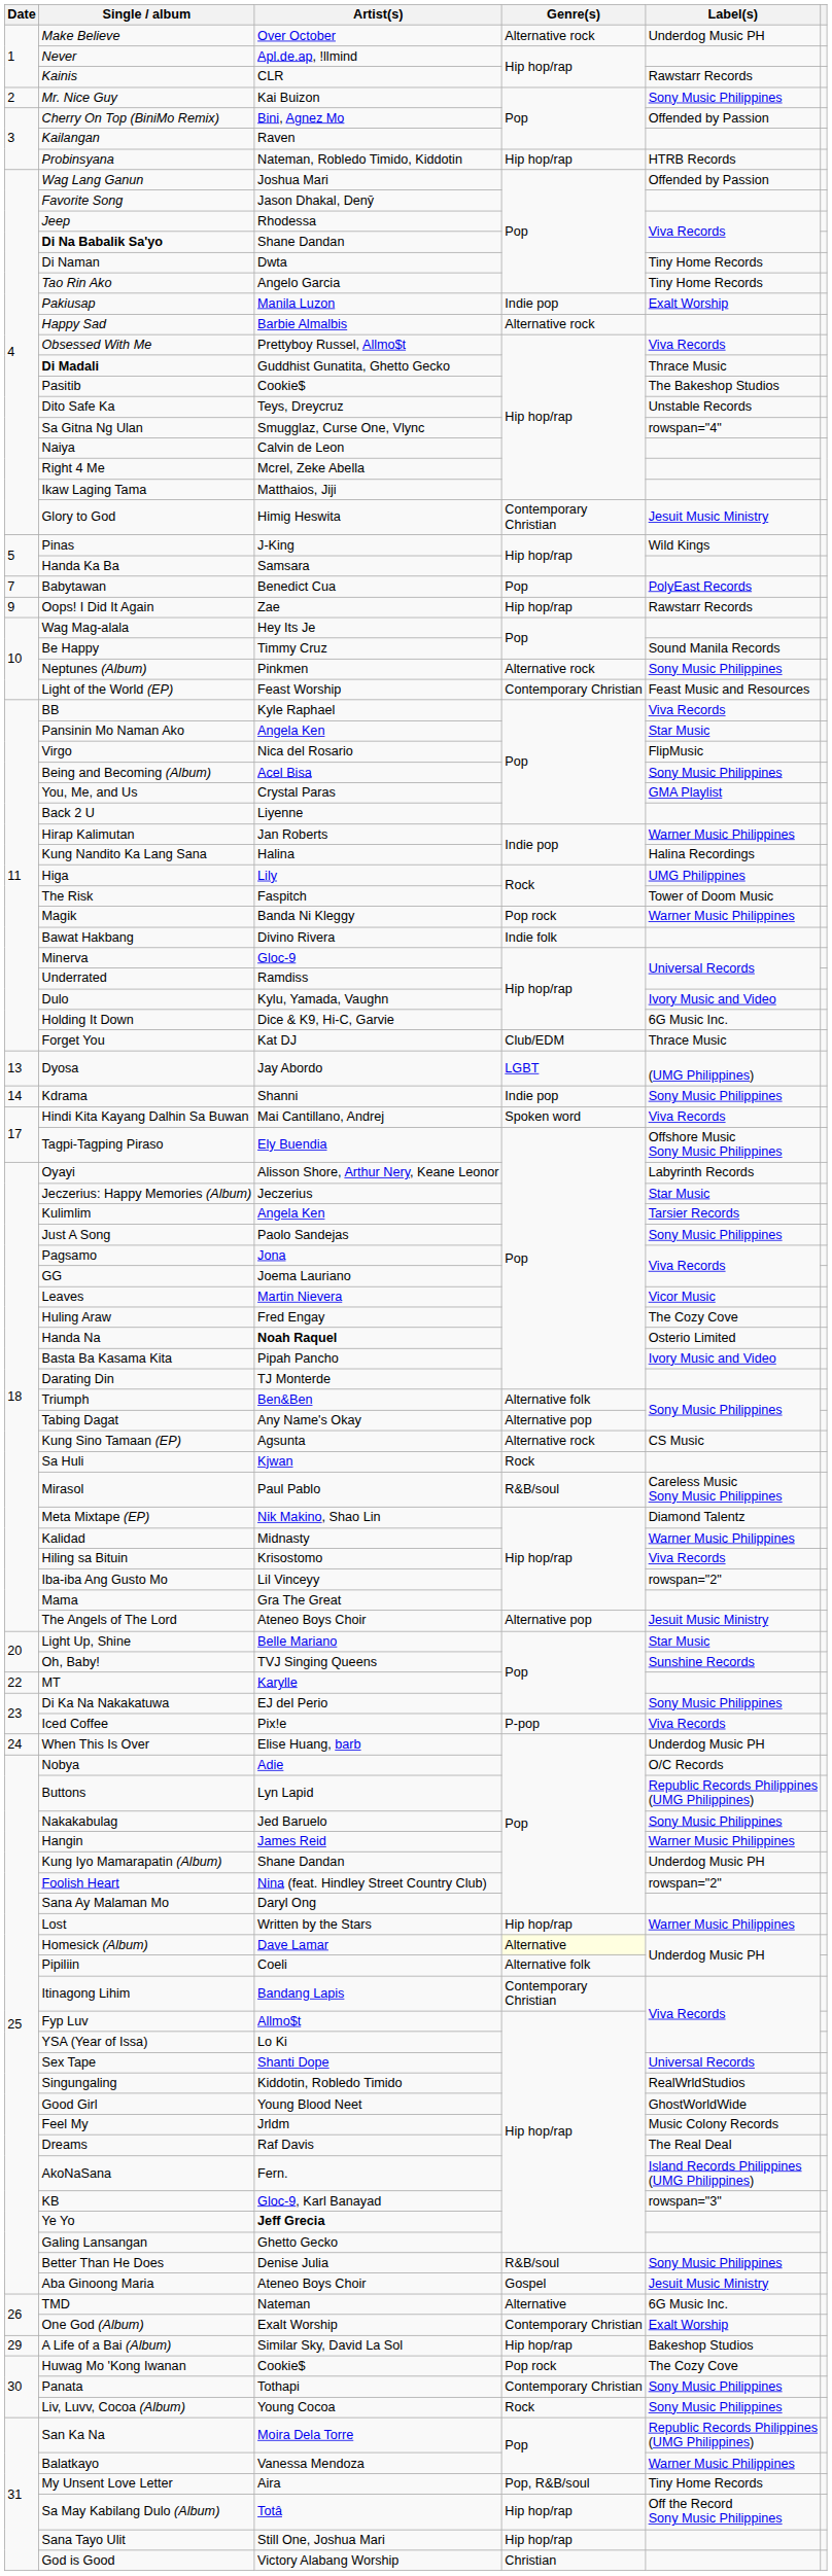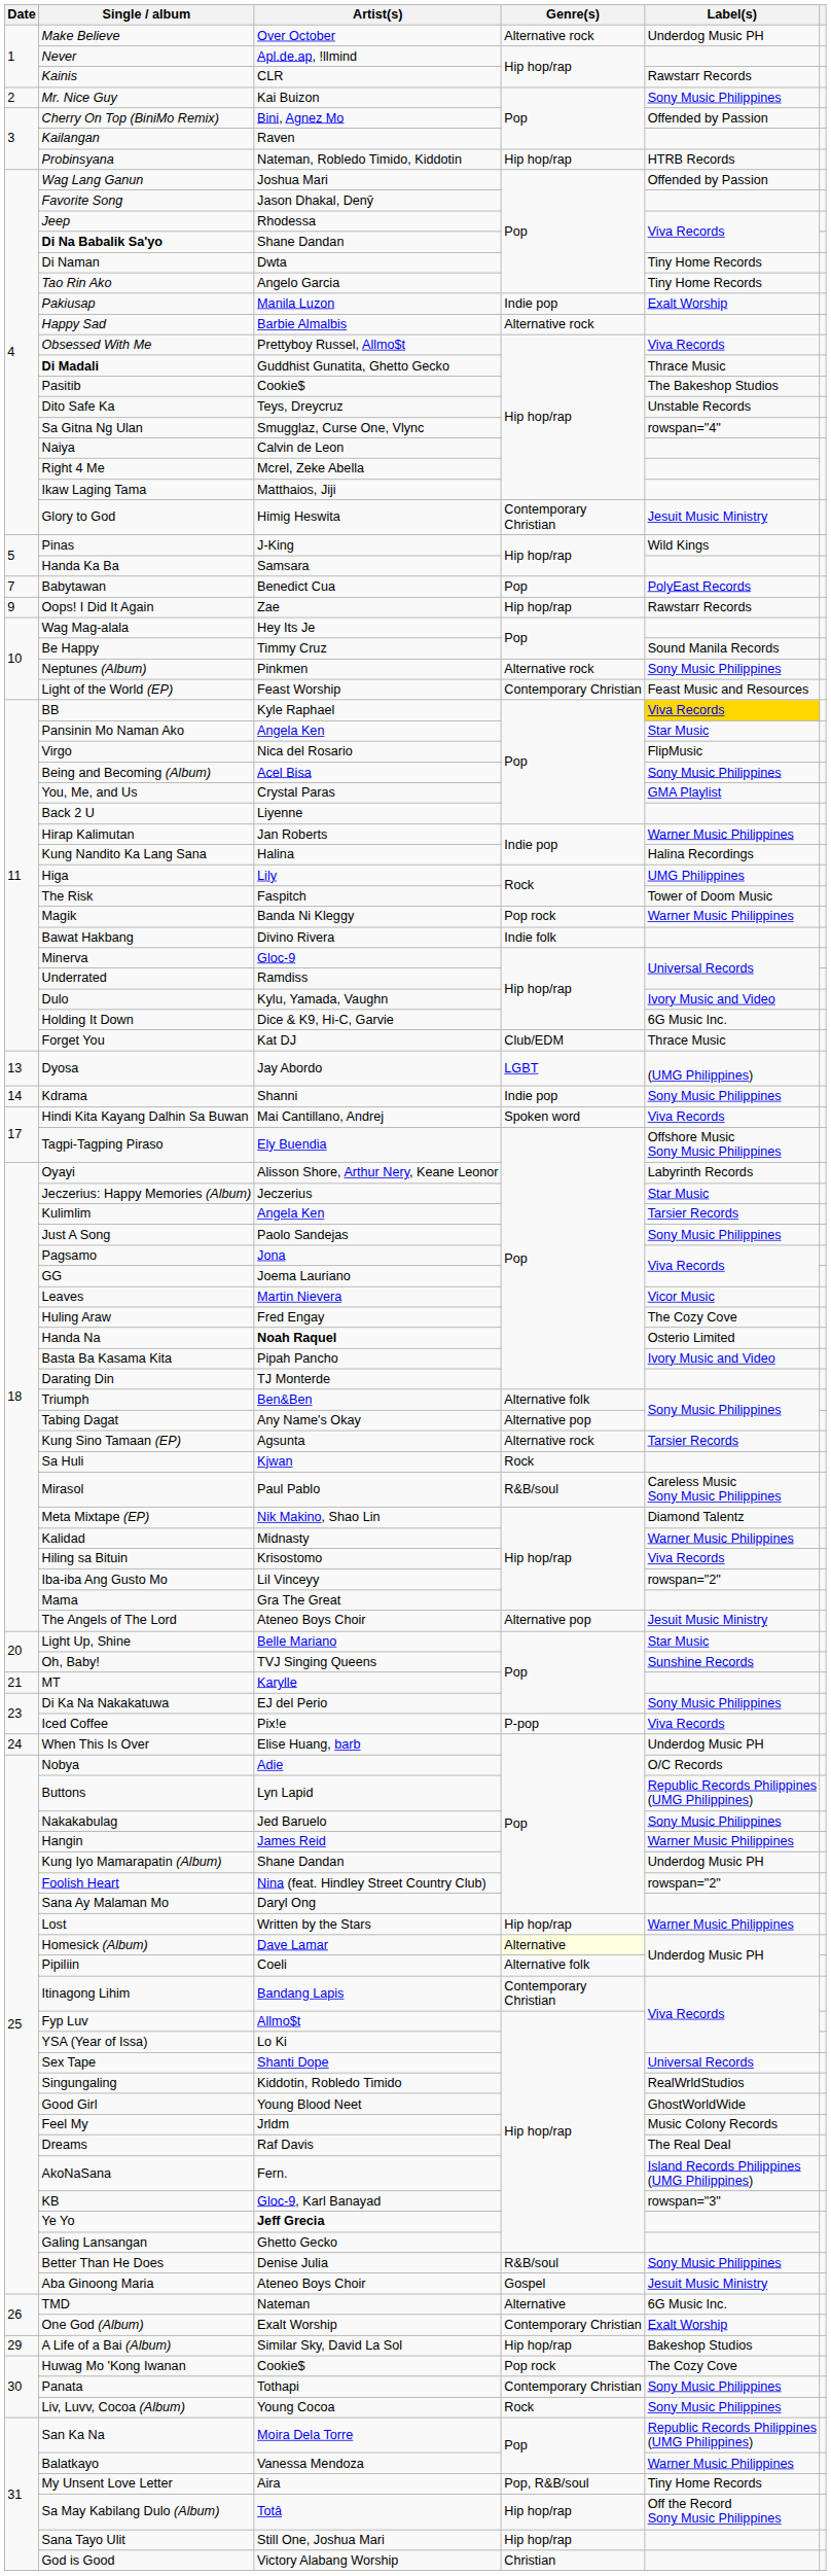 <table class="wikitable">
 <tr>
 <th>Date</th>
 <th>Single / album</th>
 <th>Artist(s)</th>
 <th>Genre(s)</th>
 <th>Label(s)</th>
 <th></th>
 </tr>
 <tr>
 <td rowspan="3">1</td>
 <td><em>Make Believe</em></td>
 <td><a href='#'>Over October</a></td>
 <td>Alternative rock</td>
 <td>Underdog Music PH</td>
 <td></td>
 </tr>
 <tr>
 <td><em>Never</em></td>
 <td><a href='#'>Apl.de.ap</a>, !llmind</td>
 <td rowspan="2">Hip hop/rap</td>
 <td></td>
 <td></td>
 </tr>
 <tr>
 <td><em>Kainis</em></td>
 <td>CLR</td>
 <td>Rawstarr Records</td>
 <td></td>
 </tr>
 <tr>
 <td>2</td>
 <td><em>Mr. Nice Guy</em></td>
 <td>Kai Buizon</td>
 <td rowspan="3">Pop</td>
 <td><a href='#'>Sony Music Philippines</a></td>
 <td></td>
 </tr>
 <tr>
 <td rowspan="3">3</td>
 <td><em>Cherry On Top (BiniMo Remix)</em></td>
 <td><a href='#'>Bini</a>, <a href='#'>Agnez Mo</a></td>
 <td>Offended by Passion</td>
 <td></td>
 </tr>
 <tr>
 <td><em>Kailangan</em></td>
 <td>Raven</td>
 <td></td>
 <td></td>
 </tr>
 <tr>
 <td><em>Probinsyana</em></td>
 <td>Nateman, Robledo Timido, Kiddotin</td>
 <td>Hip hop/rap</td>
 <td>HTRB Records</td>
 <td></td>
 </tr>
 <tr>
 <td rowspan="17">4</td>
 <td><em>Wag Lang Ganun</em></td>
 <td>Joshua Mari</td>
 <td rowspan="6">Pop</td>
 <td>Offended by Passion</td>
 <td></td>
 </tr>
 <tr>
 <td><em>Favorite Song</em></td>
 <td>Jason Dhakal, Denȳ</td>
 <td></td>
 <td></td>
 </tr>
 <tr>
 <td><em>Jeep</em></td>
 <td>Rhodessa</td>
 <td rowspan="2"><a href='#'>Viva Records</a></td>
 <td></td>
 </tr>
 <tr>
 <td><strong>Di Na Babalik Sa'yo<em></td>
 <td>Shane Dandan</td>
 <td></td>
 </tr>
 <tr>
 <td></strong>Di Naman</em></td>
 <td>Dwta</td>
 <td>Tiny Home Records</td>
 <td></td>
 </tr>
 <tr>
 <td><em>Tao Rin Ako</em></td>
 <td>Angelo Garcia</td>
 <td>Tiny Home Records</td>
 <td></td>
 </tr>
 <tr>
 <td><em>Pakiusap</em></td>
 <td><a href='#'>Manila Luzon</a></td>
 <td>Indie pop</td>
 <td><a href='#'>Exalt Worship</a></td>
 <td></td>
 </tr>
 <tr>
 <td><em>Happy Sad</em></td>
 <td><a href='#'>Barbie Almalbis</a></td>
 <td>Alternative rock</td>
 <td></td>
 <td></td>
 </tr>
 <tr>
 <td><em>Obsessed With Me</em></td>
 <td>Prettyboy Russel, <a href='#'>Allmo$t</a></td>
 <td rowspan="8">Hip hop/rap</td>
 <td><a href='#'>Viva Records</a></td>
 <td></td>
 </tr>
 <tr>
 <td><strong>Di Madali<em></td>
 <td>Guddhist Gunatita, Ghetto Gecko</td>
 <td>Thrace Music</td>
 <td></td>
 </tr>
 <tr>
 <td></em>Pasitib<em></td>
 <td>Cookie$</td>
 <td>The Bakeshop Studios</td>
 <td></td>
 </tr>
 <tr>
 <td></em>Dito Safe Ka<em></td>
 <td>Teys, Dreycruz</td>
 <td>Unstable Records</td>
 <td></td>
 </tr>
 <tr>
 <td></em>Sa Gitna Ng Ulan<em></td>
 <td>Smugglaz, Curse One, Vlync</td>
 <td>rowspan="4" </td>
 <td></td>
 </tr>
 <tr>
 <td></em>Naiya<em></td>
 <td>Calvin de Leon</td>
 <td></td>
 </tr>
 <tr>
 <td></em>Right 4 Me<em></td>
 <td>Mcrel, Zeke Abella</td>
 <td></td>
 </tr>
 <tr>
 <td></em>Ikaw Laging Tama<em></td>
 <td>Matthaios, Jiji</td>
 <td></td>
 </tr>
 <tr>
 <td></em>Glory to God<em></td>
 <td>Himig Heswita</td>
 <td>Contemporary<br>Christian</td>
 <td><a href='#'>Jesuit Music Ministry</a></td>
 <td></td>
 </tr>
 <tr>
 <td rowspan="2">5</td>
 <td></em>Pinas<em></td>
 <td>J-King</td>
 <td rowspan="2">Hip hop/rap</td>
 <td>Wild Kings</td>
 <td></td>
 </tr>
 <tr>
 <td></em>Handa Ka Ba<em></td>
 <td>Samsara</td>
 <td></td>
 <td></td>
 </tr>
 <tr>
 <td>7</td>
 <td></em>Babytawan<em></td>
 <td>Benedict Cua</td>
 <td>Pop</td>
 <td><a href='#'>PolyEast Records</a></td>
 <td></td>
 </tr>
 <tr>
 <td>9</td>
 <td></em>Oops! I Did It Again<em></td>
 <td>Zae</td>
 <td>Hip hop/rap</td>
 <td>Rawstarr Records</td>
 <td></td>
 </tr>
 <tr>
 <td rowspan="4">10</td>
 <td></em>Wag Mag-alala<em></td>
 <td>Hey Its Je</td>
 <td rowspan="2">Pop</td>
 <td></td>
 <td></td>
 </tr>
 <tr>
 <td></em>Be Happy<em></td>
 <td>Timmy Cruz</td>
 <td>Sound Manila Records</td>
 <td></td>
 </tr>
 <tr>
 <td></em>Neptunes<em> (Album)</td>
 <td>Pinkmen</td>
 <td>Alternative rock</td>
 <td><a href='#'>Sony Music Philippines</a></td>
 <td></td>
 </tr>
 <tr>
 <td></em>Light of the World<em> (EP)</td>
 <td>Feast Worship</td>
 <td>Contemporary Christian</td>
 <td>Feast Music and Resources</td>
 <td></td>
 </tr>
 <tr>
 <td rowspan="17">11</td>
 <td></em>BB<em></td>
 <td>Kyle Raphael</td>
 <td rowspan="6">Pop</td>
-<td><a href='#'>Viva Records</a></td>
+<td style="background: gold;"><a href='#'>Viva Records</a></td>
 <td></td>
 </tr>
 <tr>
 <td></em>Pansinin Mo Naman Ako<em></td>
 <td><a href='#'>Angela Ken</a></td>
 <td><a href='#'>Star Music</a></td>
 <td></td>
 </tr>
 <tr>
 <td></em>Virgo<em></td>
 <td>Nica del Rosario</td>
 <td>FlipMusic</td>
 <td></td>
 </tr>
 <tr>
 <td></em>Being and Becoming<em> (Album)</td>
 <td><a href='#'>Acel Bisa</a></td>
 <td><a href='#'>Sony Music Philippines</a></td>
 <td></td>
 </tr>
 <tr>
 <td></em>You, Me, and Us<em></td>
 <td>Crystal Paras</td>
 <td><a href='#'>GMA Playlist</a></td>
 <td></td>
 </tr>
 <tr>
 <td></em>Back 2 U<em></td>
 <td>Liyenne</td>
 <td></td>
 <td></td>
 </tr>
 <tr>
 <td></em>Hirap Kalimutan<em></td>
 <td>Jan Roberts</td>
 <td rowspan="2">Indie pop</td>
 <td><a href='#'>Warner Music Philippines</a></td>
 <td></td>
 </tr>
 <tr>
 <td></em>Kung Nandito Ka Lang Sana<em></td>
 <td>Halina</td>
 <td>Halina Recordings</td>
 <td></td>
 </tr>
 <tr>
 <td></em>Higa<em></td>
 <td><a href='#'>Lily</a></td>
 <td rowspan="2">Rock</td>
 <td><a href='#'>UMG Philippines</a></td>
 <td></td>
 </tr>
 <tr>
 <td></em>The Risk<em></td>
 <td>Faspitch</td>
 <td>Tower of Doom Music</td>
 <td></td>
 </tr>
 <tr>
 <td></em>Magik<em></td>
 <td>Banda Ni Kleggy</td>
 <td>Pop rock</td>
 <td><a href='#'>Warner Music Philippines</a></td>
 <td></td>
 </tr>
 <tr>
 <td></em>Bawat Hakbang<em></td>
 <td>Divino Rivera</td>
 <td>Indie folk</td>
 <td></td>
 <td></td>
 </tr>
 <tr>
 <td></em>Minerva<em></td>
 <td><a href='#'>Gloc-9</a></td>
 <td rowspan="4">Hip hop/rap</td>
 <td rowspan="2"><a href='#'>Universal Records</a></td>
 <td></td>
 </tr>
 <tr>
 <td></em>Underrated<em></td>
 <td>Ramdiss</td>
 <td></td>
 </tr>
 <tr>
 <td></em>Dulo<em></td>
 <td>Kylu, Yamada, Vaughn</td>
 <td><a href='#'>Ivory Music and Video</a></td>
 <td></td>
 </tr>
 <tr>
 <td></em>Holding It Down<em></td>
 <td>Dice & K9, Hi-C, Garvie</td>
 <td>6G Music Inc.</td>
 <td></td>
 </tr>
 <tr>
 <td></em>Forget You<em></td>
 <td>Kat DJ</td>
 <td>Club/EDM</td>
 <td>Thrace Music</td>
 <td></td>
 </tr>
 <tr>
 <td>13</td>
 <td></em>Dyosa<em></td>
 <td>Jay Abordo</td>
 <td><a href='#'>LGBT</a></td>
 <td><br>(<a href='#'>UMG Philippines</a>)</td>
 <td></td>
 </tr>
 <tr>
 <td>14</td>
 <td></em>Kdrama<em></td>
 <td>Shanni</td>
 <td>Indie pop</td>
 <td><a href='#'>Sony Music Philippines</a></td>
 <td></td>
 </tr>
 <tr>
 <td rowspan="2">17</td>
 <td></em>Hindi Kita Kayang Dalhin Sa Buwan<em></td>
 <td>Mai Cantillano, Andrej</td>
 <td>Spoken word</td>
 <td><a href='#'>Viva Records</a></td>
 <td></td>
 </tr>
 <tr>
 <td></em>Tagpi-Tagping Piraso<em></td>
 <td><a href='#'>Ely Buendia</a></td>
 <td rowspan="12">Pop</td>
 <td>Offshore Music<br><a href='#'>Sony Music Philippines</a></td>
 <td></td>
 </tr>
 <tr>
 <td rowspan="22">18</td>
 <td></em>Oyayi<em></td>
 <td>Alisson Shore, <a href='#'>Arthur Nery</a>, Keane Leonor</td>
 <td>Labyrinth Records</td>
 <td></td>
 </tr>
 <tr>
 <td></em>Jeczerius: Happy Memories<em> (Album)</td>
 <td>Jeczerius</td>
 <td><a href='#'>Star Music</a></td>
 <td></td>
 </tr>
 <tr>
 <td></em>Kulimlim<em></td>
 <td><a href='#'>Angela Ken</a></td>
 <td><a href='#'>Tarsier Records</a></td>
 <td></td>
 </tr>
 <tr>
 <td></em>Just A Song<em></td>
 <td>Paolo Sandejas</td>
 <td><a href='#'>Sony Music Philippines</a></td>
 <td></td>
 </tr>
 <tr>
 <td></em>Pagsamo<em></td>
 <td><a href='#'>Jona</a></td>
 <td rowspan="2"><a href='#'>Viva Records</a></td>
 <td></td>
 </tr>
 <tr>
 <td></em>GG<em></td>
 <td>Joema Lauriano</td>
 <td></td>
 </tr>
 <tr>
 <td></em>Leaves<em></td>
 <td><a href='#'>Martin Nievera</a></td>
 <td><a href='#'>Vicor Music</a></td>
 <td></td>
 </tr>
 <tr>
 <td></em>Huling Araw<em></td>
 <td>Fred Engay</td>
 <td>The Cozy Cove</td>
 <td></td>
 </tr>
 <tr>
 <td></em>Handa Na<em></td>
 <td><strong>Noah Raquel</strong></td>
 <td>Osterio Limited</td>
 <td></td>
 </tr>
 <tr>
 <td></em>Basta Ba Kasama Kita<em></td>
 <td>Pipah Pancho</td>
 <td><a href='#'>Ivory Music and Video</a></td>
 <td></td>
 </tr>
 <tr>
 <td></em>Darating Din<em></td>
 <td>TJ Monterde</td>
 <td></td>
 <td></td>
 </tr>
 <tr>
 <td></em>Triumph<em></td>
 <td><a href='#'>Ben&Ben</a></td>
 <td>Alternative folk</td>
 <td rowspan="2"><a href='#'>Sony Music Philippines</a></td>
 <td></td>
 </tr>
 <tr>
 <td></em>Tabing Dagat<em></td>
 <td>Any Name's Okay</td>
 <td>Alternative pop</td>
 <td></td>
 </tr>
 <tr>
 <td></em>Kung Sino Tamaan<em> (EP)</td>
 <td>Agsunta</td>
 <td>Alternative rock</td>
-<td>CS Music</td>
+<td><a href='#'>Tarsier Records</a></td>
 <td></td>
 </tr>
 <tr>
 <td></em>Sa Huli<em></td>
 <td><a href='#'>Kjwan</a></td>
 <td>Rock</td>
 <td></td>
 <td></td>
 </tr>
 <tr>
 <td></em>Mirasol<em></td>
 <td>Paul Pablo</td>
 <td>R&B/soul</td>
 <td>Careless Music<br><a href='#'>Sony Music Philippines</a></td>
 <td></td>
 </tr>
 <tr>
 <td></em>Meta Mixtape<em> (EP)</td>
 <td><a href='#'>Nik Makino</a>, Shao Lin</td>
 <td rowspan="5">Hip hop/rap</td>
 <td>Diamond Talentz</td>
 <td></td>
 </tr>
 <tr>
 <td></em>Kalidad<em></td>
 <td>Midnasty</td>
 <td><a href='#'>Warner Music Philippines</a></td>
 <td></td>
 </tr>
 <tr>
 <td></em>Hiling sa Bituin<em></td>
 <td>Krisostomo</td>
 <td><a href='#'>Viva Records</a></td>
 <td></td>
 </tr>
 <tr>
 <td></em>Iba-iba Ang Gusto Mo<em></td>
 <td>Lil Vinceyy</td>
 <td>rowspan="2" </td>
 <td></td>
 </tr>
 <tr>
 <td></em>Mama<em></td>
 <td>Gra The Great</td>
 <td></td>
 </tr>
 <tr>
 <td></em>The Angels of The Lord<em></td>
 <td>Ateneo Boys Choir</td>
 <td>Alternative pop</td>
 <td><a href='#'>Jesuit Music Ministry</a></td>
 <td></td>
 </tr>
 <tr>
 <td rowspan="2">20</td>
 <td></em>Light Up, Shine<em></td>
 <td><a href='#'>Belle Mariano</a></td>
 <td rowspan="4">Pop</td>
 <td><a href='#'>Star Music</a></td>
 <td></td>
 </tr>
 <tr>
 <td></em>Oh, Baby!<em></td>
 <td>TVJ Singing Queens</td>
 <td><a href='#'>Sunshine Records</a></td>
 <td></td>
 </tr>
 <tr>
-<td>22</td>
+<td>21</td>
 <td></em>MT<em></td>
 <td><a href='#'>Karylle</a></td>
 <td></td>
 <td></td>
 </tr>
 <tr>
 <td rowspan="2">23</td>
 <td></em>Di Ka Na Nakakatuwa<em></td>
 <td>EJ del Perio</td>
 <td><a href='#'>Sony Music Philippines</a></td>
 <td></td>
 </tr>
 <tr>
 <td></em>Iced Coffee<em></td>
 <td>Pix!e</td>
 <td>P-pop</td>
 <td><a href='#'>Viva Records</a></td>
 <td></td>
 </tr>
 <tr>
 <td>24</td>
 <td></em>When This Is Over<em></td>
 <td>Elise Huang, <a href='#'>barb</a></td>
 <td rowspan="8">Pop</td>
 <td>Underdog Music PH</td>
 <td></td>
 </tr>
 <tr>
 <td rowspan="24">25</td>
 <td></em>Nobya<em></td>
 <td><a href='#'>Adie</a></td>
 <td>O/C Records</td>
 <td></td>
 </tr>
 <tr>
 <td></em>Buttons<em></td>
 <td>Lyn Lapid</td>
 <td><a href='#'>Republic Records Philippines</a><br>(<a href='#'>UMG Philippines</a>)</td>
 <td></td>
 </tr>
 <tr>
 <td></em>Nakakabulag<em></td>
 <td>Jed Baruelo</td>
 <td><a href='#'>Sony Music Philippines</a></td>
 <td></td>
 </tr>
 <tr>
 <td></em>Hangin<em></td>
 <td><a href='#'>James Reid</a></td>
 <td><a href='#'>Warner Music Philippines</a></td>
 <td></td>
 </tr>
 <tr>
 <td></em>Kung Iyo Mamarapatin<em> (Album)</td>
 <td>Shane Dandan</td>
 <td>Underdog Music PH</td>
 <td></td>
 </tr>
 <tr>
 <td></em><a href='#'>Foolish Heart</a><em></td>
 <td><a href='#'>Nina</a> (feat. Hindley Street Country Club)</td>
 <td>rowspan="2" </td>
 <td></td>
 </tr>
 <tr>
 <td></em>Sana Ay Malaman Mo<em></td>
 <td>Daryl Ong</td>
 <td></td>
 </tr>
 <tr>
 <td></em>Lost<em></td>
 <td>Written by the Stars</td>
 <td>Hip hop/rap</td>
 <td><a href='#'>Warner Music Philippines</a></td>
 <td></td>
 </tr>
 <tr>
 <td></em>Homesick<em> (Album)</td>
 <td><a href='#'>Dave Lamar</a></td>
 <td style="background: lightyellow;">Alternative</td>
 <td rowspan="2">Underdog Music PH</td>
 <td></td>
 </tr>
 <tr>
 <td></em>Pipiliin<em></td>
 <td>Coeli</td>
 <td>Alternative folk</td>
 <td></td>
 </tr>
 <tr>
 <td></em>Itinagong Lihim<em></td>
 <td><a href='#'>Bandang Lapis</a></td>
 <td>Contemporary<br>Christian</td>
 <td rowspan="3"><a href='#'>Viva Records</a></td>
 <td></td>
 </tr>
 <tr>
 <td></em>Fyp Luv<em></td>
 <td><a href='#'>Allmo$t</a></td>
 <td rowspan="11">Hip hop/rap</td>
 <td></td>
 </tr>
 <tr>
 <td></em>YSA (Year of Issa)<em></td>
 <td>Lo Ki</td>
 <td></td>
 </tr>
 <tr>
 <td></em>Sex Tape<em></td>
 <td><a href='#'>Shanti Dope</a></td>
 <td><a href='#'>Universal Records</a></td>
 <td></td>
 </tr>
 <tr>
 <td></em>Singungaling<em></td>
 <td>Kiddotin, Robledo Timido</td>
 <td>RealWrldStudios</td>
 <td></td>
 </tr>
 <tr>
 <td></em>Good Girl<em></td>
 <td>Young Blood Neet</td>
 <td>GhostWorldWide</td>
 <td></td>
 </tr>
 <tr>
 <td></em>Feel My<em></td>
 <td>Jrldm</td>
 <td>Music Colony Records</td>
 <td></td>
 </tr>
 <tr>
 <td></em>Dreams<em></td>
 <td>Raf Davis</td>
 <td>The Real Deal</td>
 <td></td>
 </tr>
 <tr>
 <td></em>AkoNaSana<em></td>
 <td>Fern.</td>
 <td><a href='#'>Island Records Philippines</a><br>(<a href='#'>UMG Philippines</a>)</td>
 <td></td>
 </tr>
 <tr>
 <td></em>KB<em></td>
 <td><a href='#'>Gloc-9</a>, Karl Banayad</td>
 <td>rowspan="3" </td>
 <td></td>
 </tr>
 <tr>
 <td></em>Ye Yo<em></td>
 <td><strong>Jeff Grecia</strong></td>
 <td></td>
 </tr>
 <tr>
 <td></em>Galing Lansangan<em></td>
 <td>Ghetto Gecko</td>
 <td></td>
 </tr>
 <tr>
 <td></em>Better Than He Does<em></td>
 <td>Denise Julia</td>
 <td>R&B/soul</td>
 <td><a href='#'>Sony Music Philippines</a></td>
 <td></td>
 </tr>
 <tr>
 <td></em>Aba Ginoong Maria<em></td>
 <td>Ateneo Boys Choir</td>
 <td>Gospel</td>
 <td><a href='#'>Jesuit Music Ministry</a></td>
 <td></td>
 </tr>
 <tr>
 <td rowspan="2">26</td>
 <td></em>TMD<em></td>
 <td>Nateman</td>
 <td>Alternative</td>
 <td>6G Music Inc.</td>
 <td></td>
 </tr>
 <tr>
 <td></em>One God<em> (Album)</td>
 <td>Exalt Worship</td>
 <td>Contemporary Christian</td>
 <td><a href='#'>Exalt Worship</a></td>
 <td></td>
 </tr>
 <tr>
 <td>29</td>
 <td></em>A Life of a Bai<em> (Album)</td>
 <td>Similar Sky, David La Sol</td>
 <td>Hip hop/rap</td>
 <td>Bakeshop Studios</td>
 <td></td>
 </tr>
 <tr>
 <td rowspan="3">30</td>
 <td></em>Huwag Mo 'Kong Iwanan<em></td>
 <td>Cookie$</td>
 <td>Pop rock</td>
 <td>The Cozy Cove</td>
 <td></td>
 </tr>
 <tr>
 <td></em>Panata<em></td>
 <td>Tothapi</td>
 <td>Contemporary Christian</td>
 <td><a href='#'>Sony Music Philippines</a></td>
 <td></td>
 </tr>
 <tr>
 <td></em>Liv, Luvv, Cocoa<em> (Album)</td>
 <td>Young Cocoa</td>
 <td>Rock</td>
 <td><a href='#'>Sony Music Philippines</a></td>
 <td></td>
 </tr>
 <tr>
 <td rowspan="6">31</td>
 <td></em>San Ka Na<em></td>
 <td><a href='#'>Moira Dela Torre</a></td>
 <td rowspan="2">Pop</td>
 <td><a href='#'>Republic Records Philippines</a><br>(<a href='#'>UMG Philippines</a>)</td>
 <td></td>
 </tr>
 <tr>
 <td></em>Balatkayo<em></td>
 <td>Vanessa Mendoza</td>
 <td><a href='#'>Warner Music Philippines</a></td>
 <td></td>
 </tr>
 <tr>
 <td></em>My Unsent Love Letter<em></td>
 <td>Aira</td>
 <td>Pop, R&B/soul</td>
 <td>Tiny Home Records</td>
 <td></td>
 </tr>
 <tr>
 <td></em>Sa May Kabilang Dulo<em> (Album)</td>
 <td><a href='#'>Totâ</a></td>
 <td>Hip hop/rap</td>
 <td>Off the Record<br><a href='#'>Sony Music Philippines</a></td>
 <td></td>
 </tr>
 <tr>
 <td></em>Sana Tayo Ulit<em></td>
 <td>Still One, Joshua Mari</td>
 <td>Hip hop/rap</td>
 <td></td>
 <td></td>
 </tr>
 <tr>
 <td></em>God is Good<em></td>
 <td>Victory Alabang Worship</td>
 <td>Christian</td>
 <td></td>
 <td></td>
 </tr>
 </table>
